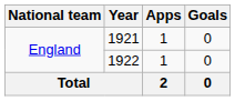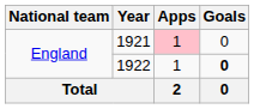 <table class="wikitable" style="text-align: center;">
 <tr>
 <th>National team</th>
 <th>Year</th>
 <th>Apps</th>
 <th>Goals</th>
 </tr>
 <tr>
 <td rowspan="2"><a href='#'>England</a></td>
 <td>1921</td>
-<td>1</td>
+<td style="background: pink;">1</td>
 <td>0</td>
 </tr>
 <tr>
 <td>1922</td>
 <td>1</td>
-<td>0</td>
+<td><strong>0</strong></td>
 </tr>
 <tr>
 <th colspan="2">Total</th>
 <th>2</th>
 <th>0</th>
 </tr>
 </table>
